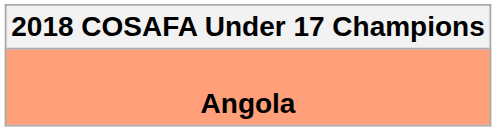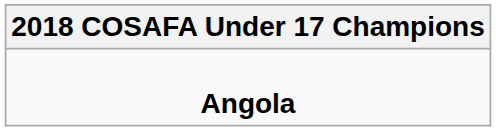 <table class="wikitable" style="text-align: center; margin: 0 auto;">
 <tr>
 <th>2018 COSAFA Under 17 Champions</th>
 </tr>
 <tr>
-<td style="background: lightsalmon;"><br><strong>Angola</strong><br></td>
+<td><br><strong>Angola</strong><br></td>
 </tr>
 </table>
